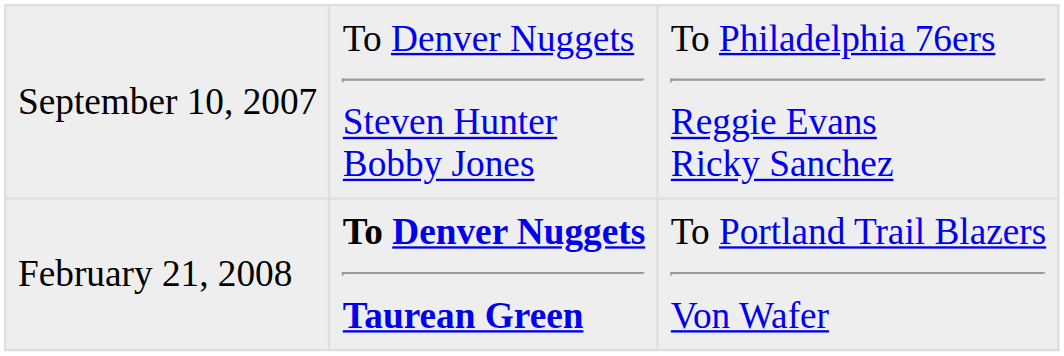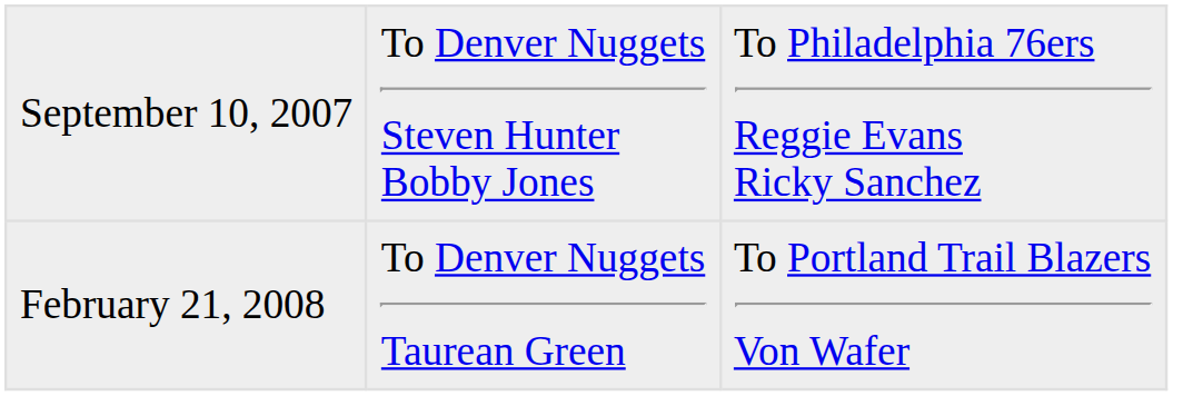 <table border=1 style="border-collapse:collapse; background-color:#eeeeee" bordercolor="#DFDFDF" cellpadding="5">
 <tr>
 <td>September 10, 2007</td>
 <td valign="top">To <a href='#'>Denver Nuggets</a><hr><a href='#'>Steven Hunter</a><br><a href='#'>Bobby Jones</a></td>
 <td valign="top">To <a href='#'>Philadelphia 76ers</a><hr><a href='#'>Reggie Evans</a><br><a href='#'>Ricky Sanchez</a></td>
 </tr>
 <tr>
 <td>February 21, 2008</td>
-<td valign="top"><strong>To <a href='#'>Denver Nuggets</a><hr><a href='#'>Taurean Green</a></strong></td>
+<td valign="top">To <a href='#'>Denver Nuggets</a><hr><a href='#'>Taurean Green</a></td>
 <td valign="top">To <a href='#'>Portland Trail Blazers</a><hr><a href='#'>Von Wafer</a></td>
 </tr>
 </table>
